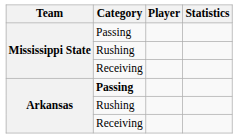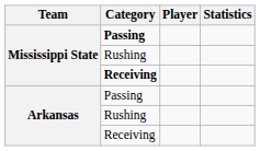 <table class="wikitable" style="float:right">
 <tr>
 <th>Team</th>
 <th>Category</th>
 <th>Player</th>
 <th>Statistics</th>
 </tr>
 <tr>
 <th rowspan=3>Mississippi State</th>
+<td><strong>Passing</strong></td>
+<td></td>
+<td></td>
+</tr>
+<tr>
+<td>Rushing</td>
+<td></td>
+<td></td>
+</tr>
+<tr>
+<td><strong>Receiving</strong></td>
+<td></td>
+<td></td>
+</tr>
+<tr>
+<th rowspan=3>Arkansas</th>
 <td>Passing</td>
 <td></td>
 <td></td>
 </tr>
 <tr>
 <td>Rushing</td>
 <td></td>
 <td></td>
 </tr>
 <tr>
 <td>Receiving</td>
 <td></td>
 <td></td>
 </tr>
-<tr>
-<th rowspan=3>Arkansas</th>
-<td><strong>Passing</strong></td>
-<td></td>
-<td></td>
-</tr>
-<tr>
-<td>Rushing</td>
-<td></td>
-<td></td>
-</tr>
-<tr>
-<td>Receiving</td>
-<td></td>
-<td></td>
-</tr>
 </table>
